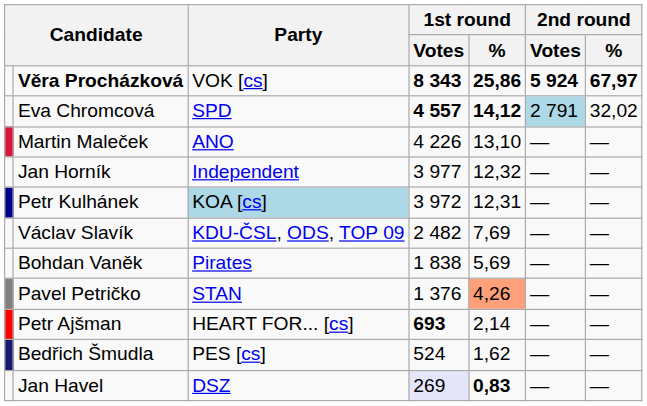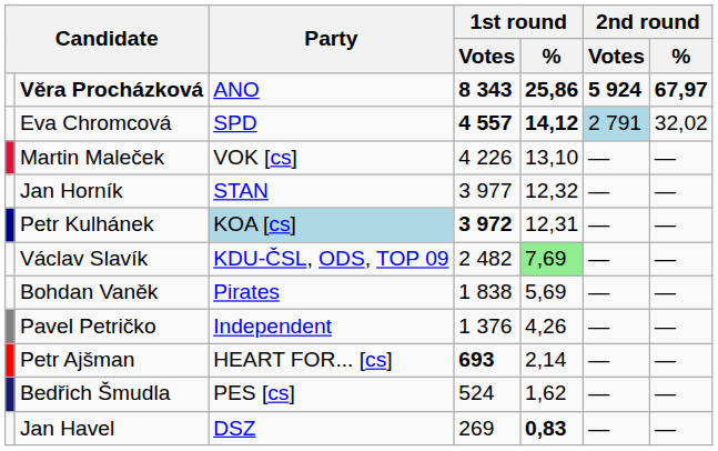 <table class="wikitable sortable">
 <tr>
 <th colspan="2" rowspan="2">Candidate</th>
 <th rowspan="2">Party</th>
 <th colspan="2">1st round</th>
 <th colspan="2">2nd round</th>
 </tr>
 <tr>
 <th>Votes</th>
 <th>%</th>
 <th>Votes</th>
 <th>%</th>
 </tr>
 <tr>
 <td style="background-color:"></td>
 <td><strong>Věra Procházková</strong></td>
-<td>VOK [<a href='#'>cs</a>]</td>
+<td><a href='#'>ANO</a></td>
 <td><strong>8 343</strong></td>
 <td><strong>25,86</strong></td>
 <td><strong>5 924</strong></td>
 <td><strong>67,97</strong></td>
 </tr>
 <tr>
 <td style="background-color:"></td>
 <td>Eva Chromcová</td>
 <td><a href='#'>SPD</a></td>
 <td><strong>4 557</strong></td>
 <td><strong>14,12</strong></td>
 <td style="background: lightblue;">2 791</td>
 <td>32,02</td>
 </tr>
 <tr>
 <td style="background-color:crimson"></td>
 <td>Martin Maleček</td>
-<td><a href='#'>ANO</a></td>
+<td>VOK [<a href='#'>cs</a>]</td>
 <td>4 226</td>
 <td>13,10</td>
 <td>—</td>
 <td>—</td>
 </tr>
 <tr>
 <td style="background-color:"></td>
 <td>Jan Horník</td>
-<td><a href='#'>Independent</a></td>
+<td><a href='#'>STAN</a></td>
 <td>3 977</td>
 <td>12,32</td>
 <td>—</td>
 <td>—</td>
 </tr>
 <tr>
 <td style="background-color:darkblue;"></td>
 <td>Petr Kulhánek</td>
 <td style="background: lightblue;">KOA [<a href='#'>cs</a>]</td>
-<td>3 972</td>
+<td><strong>3 972</strong></td>
 <td>12,31</td>
 <td>—</td>
 <td>—</td>
 </tr>
 <tr>
 <td style="background-color:"></td>
 <td>Václav Slavík</td>
 <td><a href='#'>KDU-ČSL</a>, <a href='#'>ODS</a>, <a href='#'>TOP 09</a></td>
 <td>2 482</td>
-<td>7,69</td>
+<td style="background: lightgreen;">7,69</td>
 <td>—</td>
 <td>—</td>
 </tr>
 <tr>
 <td style="background-color:"></td>
 <td>Bohdan Vaněk</td>
 <td><a href='#'>Pirates</a></td>
 <td>1 838</td>
 <td>5,69</td>
 <td>—</td>
 <td>—</td>
 </tr>
 <tr>
 <td style="background-color:grey"></td>
 <td>Pavel Petričko</td>
-<td><a href='#'>STAN</a></td>
+<td><a href='#'>Independent</a></td>
 <td>1 376</td>
-<td style="background: lightsalmon;">4,26</td>
+<td>4,26</td>
 <td>—</td>
 <td>—</td>
 </tr>
 <tr>
 <td style="background-color:red"></td>
 <td>Petr Ajšman</td>
 <td>HEART FOR... [<a href='#'>cs</a>]</td>
 <td><strong>693</strong></td>
 <td>2,14</td>
 <td>—</td>
 <td>—</td>
 </tr>
 <tr>
 <td style="background-color:midnightblue"></td>
 <td>Bedřich Šmudla</td>
 <td>PES [<a href='#'>cs</a>]</td>
 <td>524</td>
 <td>1,62</td>
 <td>—</td>
 <td>—</td>
 </tr>
 <tr>
 <td style="background-color:"></td>
 <td>Jan Havel</td>
 <td><a href='#'>DSZ</a></td>
-<td style="background: lavender;">269</td>
+<td>269</td>
 <td><strong>0,83</strong></td>
 <td>—</td>
 <td>—</td>
 </tr>
 </table>
